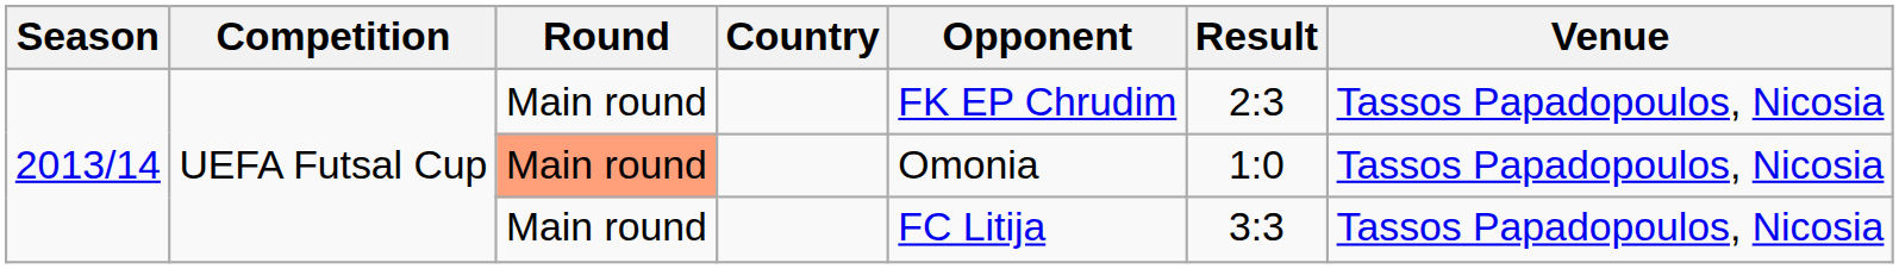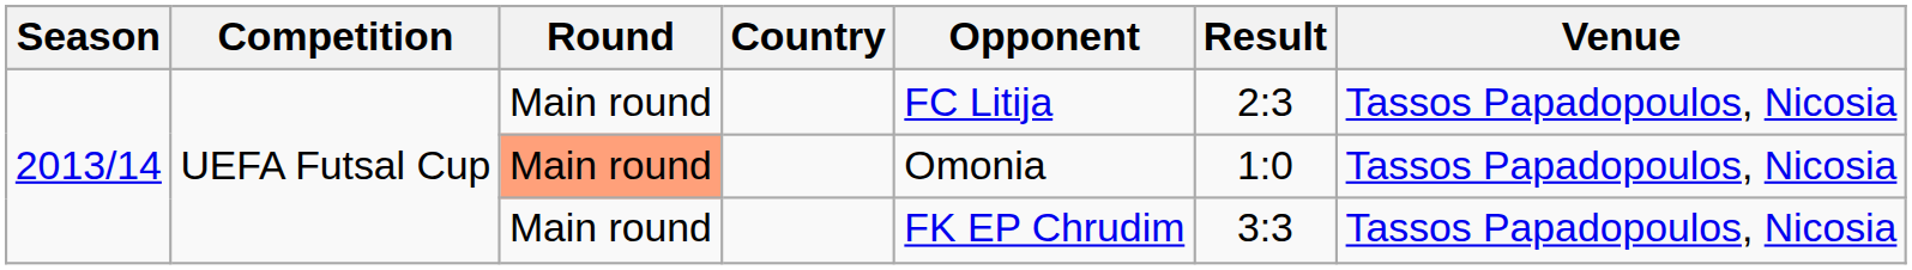 <table class="wikitable">
 <tr>
 <th>Season</th>
 <th>Competition</th>
 <th>Round</th>
 <th>Country</th>
 <th>Opponent</th>
 <th>Result</th>
 <th>Venue</th>
 </tr>
 <tr>
 <td rowspan=3><a href='#'>2013/14</a></td>
 <td rowspan=3 align=center>UEFA Futsal Cup</td>
 <td>Main round</td>
 <td align=center></td>
-<td><a href='#'>FK EP Chrudim</a></td>
+<td><a href='#'>FC Litija</a></td>
 <td align=center>2:3</td>
 <td><a href='#'>Tassos Papadopoulos</a>, <a href='#'>Nicosia</a></td>
 </tr>
 <tr>
 <td style="background: lightsalmon;">Main round</td>
 <td align=center></td>
 <td>Omonia</td>
 <td align=center>1:0</td>
 <td><a href='#'>Tassos Papadopoulos</a>, <a href='#'>Nicosia</a></td>
 </tr>
 <tr>
 <td>Main round</td>
 <td align=center></td>
-<td><a href='#'>FC Litija</a></td>
+<td><a href='#'>FK EP Chrudim</a></td>
 <td align=center>3:3</td>
 <td><a href='#'>Tassos Papadopoulos</a>, <a href='#'>Nicosia</a></td>
 </tr>
 </table>
